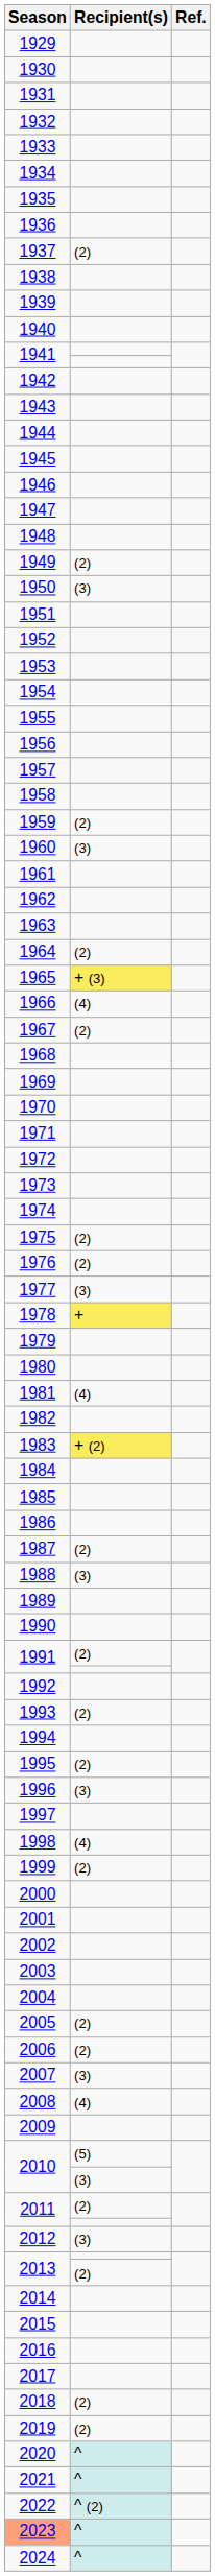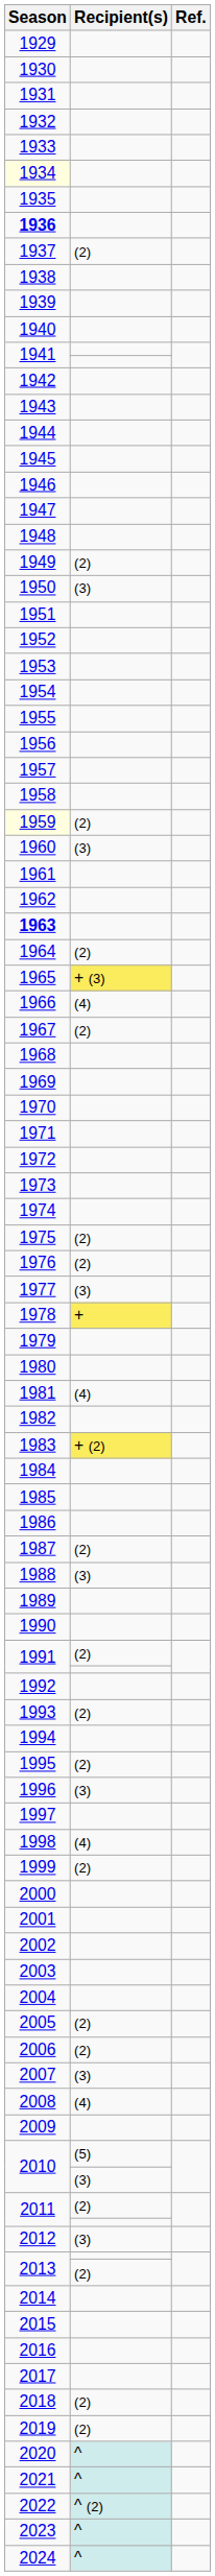 <table class="wikitable sortable" style="text-align:center">
 <tr>
 <th>Season</th>
 <th>Recipient(s)</th>
 <th class=unsortable>Ref.</th>
 </tr>
 <tr>
 <td><a href='#'>1929</a></td>
 <td align=left></td>
 <td></td>
 </tr>
 <tr>
 <td><a href='#'>1930</a></td>
 <td></td>
 <td></td>
 </tr>
 <tr>
 <td><a href='#'>1931</a></td>
 <td></td>
 <td></td>
 </tr>
 <tr>
 <td><a href='#'>1932</a></td>
 <td align=left></td>
 <td></td>
 </tr>
 <tr>
 <td><a href='#'>1933</a></td>
 <td></td>
 <td></td>
 </tr>
 <tr>
-<td><a href='#'>1934</a></td>
+<td style="background: lightyellow;"><a href='#'>1934</a></td>
 <td></td>
 <td></td>
 </tr>
 <tr>
 <td><a href='#'>1935</a></td>
 <td align=left></td>
 <td></td>
 </tr>
 <tr>
-<td><a href='#'>1936</a></td>
+<td><strong><a href='#'>1936</a></strong></td>
 <td align=left></td>
 <td></td>
 </tr>
 <tr>
 <td><a href='#'>1937</a></td>
 <td align=left> <small>(2)</small></td>
 <td></td>
 </tr>
 <tr>
 <td><a href='#'>1938</a></td>
 <td align=left></td>
 <td></td>
 </tr>
 <tr>
 <td><a href='#'>1939</a></td>
 <td align=left></td>
 <td></td>
 </tr>
 <tr>
 <td><a href='#'>1940</a></td>
 <td align=left></td>
 <td></td>
 </tr>
 <tr>
 <td rowspan=2><a href='#'>1941</a></td>
 <td align=left></td>
 <td rowspan=2></td>
 </tr>
 <tr>
 <td align=left></td>
 </tr>
 <tr>
 <td><a href='#'>1942</a></td>
 <td align=left></td>
 <td></td>
 </tr>
 <tr>
 <td><a href='#'>1943</a></td>
 <td align=left></td>
 <td></td>
 </tr>
 <tr>
 <td><a href='#'>1944</a></td>
 <td align=left></td>
 <td></td>
 </tr>
 <tr>
 <td><a href='#'>1945</a></td>
 <td align=left></td>
 <td></td>
 </tr>
 <tr>
 <td><a href='#'>1946</a></td>
 <td align=left></td>
 <td></td>
 </tr>
 <tr>
 <td><a href='#'>1947</a></td>
 <td align=left></td>
 <td></td>
 </tr>
 <tr>
 <td><a href='#'>1948</a></td>
 <td align=left></td>
 <td></td>
 </tr>
 <tr>
 <td><a href='#'>1949</a></td>
 <td align=left> <small>(2)</small></td>
 <td></td>
 </tr>
 <tr>
 <td><a href='#'>1950</a></td>
 <td align=left> <small>(3)</small></td>
 <td></td>
 </tr>
 <tr>
 <td><a href='#'>1951</a></td>
 <td align=left></td>
 <td></td>
 </tr>
 <tr>
 <td><a href='#'>1952</a></td>
 <td align=left></td>
 <td></td>
 </tr>
 <tr>
 <td><a href='#'>1953</a></td>
 <td align=left></td>
 <td></td>
 </tr>
 <tr>
 <td><a href='#'>1954</a></td>
 <td align=left></td>
 <td></td>
 </tr>
 <tr>
 <td><a href='#'>1955</a></td>
 <td align=left></td>
 <td></td>
 </tr>
 <tr>
 <td><a href='#'>1956</a></td>
 <td align=left></td>
 <td></td>
 </tr>
 <tr>
 <td><a href='#'>1957</a></td>
 <td align=left></td>
 <td></td>
 </tr>
 <tr>
 <td><a href='#'>1958</a></td>
 <td align=left></td>
 <td></td>
 </tr>
 <tr>
-<td><a href='#'>1959</a></td>
+<td style="background: lightyellow;"><a href='#'>1959</a></td>
 <td align=left> <small>(2)</small></td>
 <td></td>
 </tr>
 <tr>
 <td><a href='#'>1960</a></td>
 <td align=left> <small>(3)</small></td>
 <td></td>
 </tr>
 <tr>
 <td><a href='#'>1961</a></td>
 <td align=left></td>
 <td></td>
 </tr>
 <tr>
 <td><a href='#'>1962</a></td>
 <td align=left></td>
 <td></td>
 </tr>
 <tr>
-<td><a href='#'>1963</a></td>
+<td><strong><a href='#'>1963</a></strong></td>
 <td align=left></td>
 <td></td>
 </tr>
 <tr>
 <td><a href='#'>1964</a></td>
 <td align=left> <small>(2)</small></td>
 <td></td>
 </tr>
 <tr>
 <td><a href='#'>1965</a></td>
 <td style="text-align:left; background:#fbec5d;">+ <small>(3)</small></td>
 <td></td>
 </tr>
 <tr>
 <td><a href='#'>1966</a></td>
 <td align=left> <small>(4)</small></td>
 <td></td>
 </tr>
 <tr>
 <td><a href='#'>1967</a></td>
 <td align=left> <small>(2)</small></td>
 <td></td>
 </tr>
 <tr>
 <td><a href='#'>1968</a></td>
 <td align=left></td>
 <td></td>
 </tr>
 <tr>
 <td><a href='#'>1969</a></td>
 <td align=left></td>
 <td></td>
 </tr>
 <tr>
 <td><a href='#'>1970</a></td>
 <td align=left></td>
 <td></td>
 </tr>
 <tr>
 <td><a href='#'>1971</a></td>
 <td align=left></td>
 <td></td>
 </tr>
 <tr>
 <td><a href='#'>1972</a></td>
 <td align=left></td>
 <td></td>
 </tr>
 <tr>
 <td><a href='#'>1973</a></td>
 <td align=left></td>
 <td></td>
 </tr>
 <tr>
 <td><a href='#'>1974</a></td>
 <td align=left></td>
 <td></td>
 </tr>
 <tr>
 <td><a href='#'>1975</a></td>
 <td align=left> <small>(2)</small></td>
 <td></td>
 </tr>
 <tr>
 <td><a href='#'>1976</a></td>
 <td align=left> <small>(2)</small></td>
 <td></td>
 </tr>
 <tr>
 <td><a href='#'>1977</a></td>
 <td align=left> <small>(3)</small></td>
 <td></td>
 </tr>
 <tr>
 <td><a href='#'>1978</a></td>
 <td style="text-align:left; background:#fbec5d;">+</td>
 <td></td>
 </tr>
 <tr>
 <td><a href='#'>1979</a></td>
 <td align=left></td>
 <td></td>
 </tr>
 <tr>
 <td><a href='#'>1980</a></td>
 <td align=left></td>
 <td></td>
 </tr>
 <tr>
 <td><a href='#'>1981</a></td>
 <td align=left> <small>(4)</small></td>
 <td></td>
 </tr>
 <tr>
 <td><a href='#'>1982</a></td>
 <td align=left></td>
 <td></td>
 </tr>
 <tr>
 <td><a href='#'>1983</a></td>
 <td style="text-align:left; background:#fbec5d;">+ <small>(2)</small></td>
 <td></td>
 </tr>
 <tr>
 <td><a href='#'>1984</a></td>
 <td align=left></td>
 <td></td>
 </tr>
 <tr>
 <td><a href='#'>1985</a></td>
 <td align=left></td>
 <td></td>
 </tr>
 <tr>
 <td><a href='#'>1986</a></td>
 <td align=left></td>
 <td></td>
 </tr>
 <tr>
 <td><a href='#'>1987</a></td>
 <td align=left> <small>(2)</small></td>
 <td></td>
 </tr>
 <tr>
 <td><a href='#'>1988</a></td>
 <td align=left> <small>(3)</small></td>
 <td></td>
 </tr>
 <tr>
 <td><a href='#'>1989</a></td>
 <td align=left></td>
 <td></td>
 </tr>
 <tr>
 <td><a href='#'>1990</a></td>
 <td align=left></td>
 <td></td>
 </tr>
 <tr>
 <td rowspan=2><a href='#'>1991</a></td>
 <td align=left> <small>(2)</small></td>
 <td rowspan=2></td>
 </tr>
 <tr>
 <td align=left></td>
 </tr>
 <tr>
 <td><a href='#'>1992</a></td>
 <td align=left></td>
 <td></td>
 </tr>
 <tr>
 <td><a href='#'>1993</a></td>
 <td align=left> <small>(2)</small></td>
 <td></td>
 </tr>
 <tr>
 <td><a href='#'>1994</a></td>
 <td align=left></td>
 <td></td>
 </tr>
 <tr>
 <td><a href='#'>1995</a></td>
 <td align=left> <small>(2)</small></td>
 <td></td>
 </tr>
 <tr>
 <td><a href='#'>1996</a></td>
 <td align=left> <small>(3)</small></td>
 <td></td>
 </tr>
 <tr>
 <td><a href='#'>1997</a></td>
 <td align=left></td>
 <td></td>
 </tr>
 <tr>
 <td><a href='#'>1998</a></td>
 <td align=left> <small>(4)</small></td>
 <td></td>
 </tr>
 <tr>
 <td><a href='#'>1999</a></td>
 <td align=left> <small>(2)</small></td>
 <td></td>
 </tr>
 <tr>
 <td><a href='#'>2000</a></td>
 <td align=left></td>
 <td></td>
 </tr>
 <tr>
 <td><a href='#'>2001</a></td>
 <td align=left></td>
 <td></td>
 </tr>
 <tr>
 <td><a href='#'>2002</a></td>
 <td align=left></td>
 <td></td>
 </tr>
 <tr>
 <td><a href='#'>2003</a></td>
 <td align=left></td>
 <td></td>
 </tr>
 <tr>
 <td><a href='#'>2004</a></td>
 <td align=left></td>
 <td></td>
 </tr>
 <tr>
 <td><a href='#'>2005</a></td>
 <td align=left> <small>(2)</small></td>
 <td></td>
 </tr>
 <tr>
 <td><a href='#'>2006</a></td>
 <td align=left> <small>(2)</small></td>
 <td></td>
 </tr>
 <tr>
 <td><a href='#'>2007</a></td>
 <td align=left> <small>(3)</small></td>
 <td></td>
 </tr>
 <tr>
 <td><a href='#'>2008</a></td>
 <td align=left> <small>(4)</small></td>
 <td></td>
 </tr>
 <tr>
 <td><a href='#'>2009</a></td>
 <td align=left></td>
 <td></td>
 </tr>
 <tr>
 <td rowspan=2><a href='#'>2010</a></td>
 <td align=left> <small>(5)</small></td>
 <td rowspan=2></td>
 </tr>
 <tr>
 <td align=left> <small>(3)</small></td>
 </tr>
 <tr>
 <td rowspan=2><a href='#'>2011</a></td>
 <td align=left> <small>(2)</small></td>
 <td rowspan=2></td>
 </tr>
 <tr>
 <td align=left></td>
 </tr>
 <tr>
 <td><a href='#'>2012</a></td>
 <td align=left> <small>(3)</small></td>
 <td></td>
 </tr>
 <tr>
 <td rowspan=2><a href='#'>2013</a></td>
 <td align=left></td>
 <td rowspan=2></td>
 </tr>
 <tr>
 <td align=left> <small>(2)</small></td>
 </tr>
 <tr>
 <td><a href='#'>2014</a></td>
 <td align=left></td>
 <td></td>
 </tr>
 <tr>
 <td><a href='#'>2015</a></td>
 <td align=left></td>
 <td></td>
 </tr>
 <tr>
 <td><a href='#'>2016</a></td>
 <td align=left></td>
 <td></td>
 </tr>
 <tr>
 <td><a href='#'>2017</a></td>
 <td align=left></td>
 <td></td>
 </tr>
 <tr>
 <td><a href='#'>2018</a></td>
 <td align=left> <small>(2)</small></td>
 <td></td>
 </tr>
 <tr>
 <td><a href='#'>2019</a></td>
 <td align=left> <small>(2)</small></td>
 <td></td>
 </tr>
 <tr>
 <td><a href='#'>2020</a></td>
 <td style="text-align:left; background:#cfecec;">^</td>
 <td></td>
 </tr>
 <tr>
 <td><a href='#'>2021</a></td>
 <td style="text-align:left; background:#cfecec;">^</td>
 <td></td>
 </tr>
 <tr>
 <td><a href='#'>2022</a></td>
 <td style="text-align:left; background:#cfecec;">^ <small>(2)</small></td>
 <td></td>
 </tr>
 <tr>
-<td style="background: lightsalmon;"><a href='#'>2023</a></td>
+<td><a href='#'>2023</a></td>
 <td style="text-align:left; background:#cfecec;">^</td>
 <td></td>
 </tr>
 <tr>
 <td><a href='#'>2024</a></td>
 <td style="text-align:left; background:#cfecec;">^</td>
 <td></td>
 </tr>
 </table>
